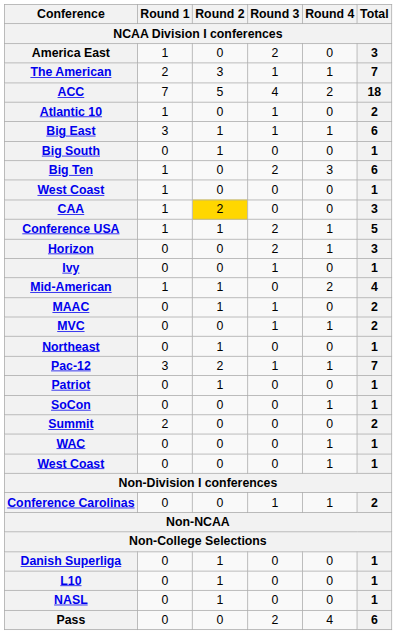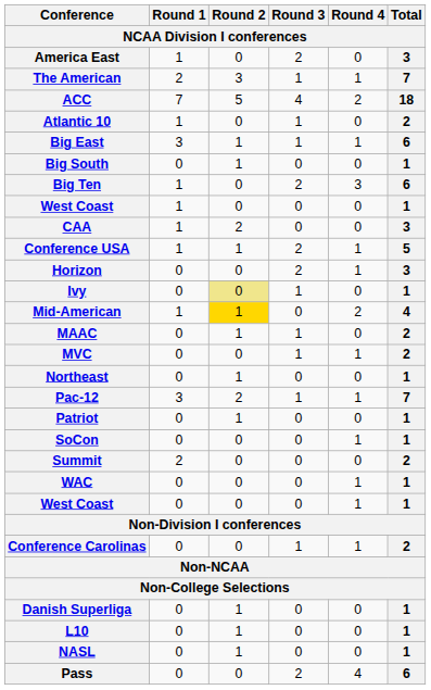 <table class="wikitable sortable" style="text-align:center">
 <tr>
 <th>Conference</th>
 <th>Round 1</th>
 <th>Round 2</th>
 <th>Round 3</th>
 <th>Round 4</th>
 <th>Total</th>
 </tr>
 <tr>
 <th colspan=6>NCAA Division I conferences</th>
 </tr>
 <tr>
 <th>America East</th>
 <td>1</td>
 <td>0</td>
 <td>2</td>
 <td>0</td>
 <th>3</th>
 </tr>
 <tr>
 <th><a href='#'>The American</a></th>
 <td>2</td>
 <td>3</td>
 <td>1</td>
 <td>1</td>
 <th>7</th>
 </tr>
 <tr>
 <th><a href='#'>ACC</a></th>
 <td>7</td>
 <td>5</td>
 <td>4</td>
 <td>2</td>
 <th>18</th>
 </tr>
 <tr>
 <th><a href='#'>Atlantic 10</a></th>
 <td>1</td>
 <td>0</td>
 <td>1</td>
 <td>0</td>
 <th>2</th>
 </tr>
 <tr>
 <th><a href='#'>Big East</a></th>
 <td>3</td>
 <td>1</td>
 <td>1</td>
 <td>1</td>
 <th>6</th>
 </tr>
 <tr>
 <th><a href='#'>Big South</a></th>
 <td>0</td>
 <td>1</td>
 <td>0</td>
 <td>0</td>
 <th>1</th>
 </tr>
 <tr>
 <th><a href='#'>Big Ten</a></th>
 <td>1</td>
 <td>0</td>
 <td>2</td>
 <td>3</td>
 <th>6</th>
 </tr>
 <tr>
 <th><a href='#'>West Coast</a></th>
 <td>1</td>
 <td>0</td>
 <td>0</td>
 <td>0</td>
 <th>1</th>
 </tr>
 <tr>
 <th><a href='#'>CAA</a></th>
 <td>1</td>
-<td style="background: gold;">2</td>
+<td>2</td>
 <td>0</td>
 <td>0</td>
 <th>3</th>
 </tr>
 <tr>
 <th><a href='#'>Conference USA</a></th>
 <td>1</td>
 <td>1</td>
 <td>2</td>
 <td>1</td>
 <th>5</th>
 </tr>
 <tr>
 <th><a href='#'>Horizon</a></th>
 <td>0</td>
 <td>0</td>
 <td>2</td>
 <td>1</td>
 <th>3</th>
 </tr>
 <tr>
 <th><a href='#'>Ivy</a></th>
 <td>0</td>
-<td>0</td>
+<td style="background: khaki;">0</td>
 <td>1</td>
 <td>0</td>
 <th>1</th>
 </tr>
 <tr>
 <th><a href='#'>Mid-American</a></th>
 <td>1</td>
-<td>1</td>
+<td style="background: gold;">1</td>
 <td>0</td>
 <td>2</td>
 <th>4</th>
 </tr>
 <tr>
 <th><a href='#'>MAAC</a></th>
 <td>0</td>
 <td>1</td>
 <td>1</td>
 <td>0</td>
 <th>2</th>
 </tr>
 <tr>
 <th><a href='#'>MVC</a></th>
 <td>0</td>
 <td>0</td>
 <td>1</td>
 <td>1</td>
 <th>2</th>
 </tr>
 <tr>
 <th><a href='#'>Northeast</a></th>
 <td>0</td>
 <td>1</td>
 <td>0</td>
 <td>0</td>
 <th>1</th>
 </tr>
 <tr>
 <th><a href='#'>Pac-12</a></th>
 <td>3</td>
 <td>2</td>
 <td>1</td>
 <td>1</td>
 <th>7</th>
 </tr>
 <tr>
 <th><a href='#'>Patriot</a></th>
 <td>0</td>
 <td>1</td>
 <td>0</td>
 <td>0</td>
 <th>1</th>
 </tr>
 <tr>
 <th><a href='#'>SoCon</a></th>
 <td>0</td>
 <td>0</td>
 <td>0</td>
 <td>1</td>
 <th>1</th>
 </tr>
 <tr>
 <th><a href='#'>Summit</a></th>
 <td>2</td>
 <td>0</td>
 <td>0</td>
 <td>0</td>
 <th>2</th>
 </tr>
 <tr>
 <th><a href='#'>WAC</a></th>
 <td>0</td>
 <td>0</td>
 <td>0</td>
 <td>1</td>
 <th>1</th>
 </tr>
 <tr>
 <th><a href='#'>West Coast</a></th>
 <td>0</td>
 <td>0</td>
 <td>0</td>
 <td>1</td>
 <th>1</th>
 </tr>
 <tr>
 <th colspan=6>Non-Division I conferences</th>
 </tr>
 <tr>
 <th><a href='#'>Conference Carolinas</a></th>
 <td>0</td>
 <td>0</td>
 <td>1</td>
 <td>1</td>
 <th>2</th>
 </tr>
 <tr>
 <th colspan=6>Non-NCAA</th>
 </tr>
 <tr>
 <th colspan=9>Non-College Selections</th>
 </tr>
 <tr>
 <th><a href='#'>Danish Superliga</a></th>
 <td>0</td>
 <td>1</td>
 <td>0</td>
 <td>0</td>
 <th>1</th>
 </tr>
 <tr>
 <th><a href='#'>L10</a></th>
 <td>0</td>
 <td>1</td>
 <td>0</td>
 <td>0</td>
 <th>1</th>
 </tr>
 <tr>
 <th><a href='#'>NASL</a></th>
 <td>0</td>
 <td>1</td>
 <td>0</td>
 <td>0</td>
 <th>1</th>
 </tr>
 <tr>
 <th>Pass</th>
 <td>0</td>
 <td>0</td>
 <td>2</td>
 <td>4</td>
 <th>6</th>
 </tr>
 </table>
